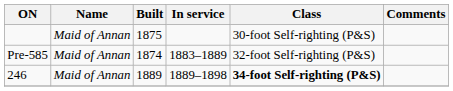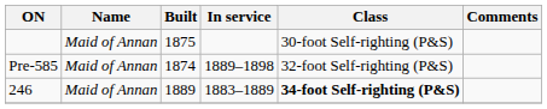 <table class="wikitable">
 <tr>
 <th>ON</th>
 <th>Name</th>
 <th>Built</th>
 <th>In service</th>
 <th>Class</th>
 <th>Comments</th>
 </tr>
 <tr>
 <td></td>
 <td><em>Maid of Annan</em></td>
 <td>1875</td>
 <td></td>
 <td>30-foot Self-righting (P&S)</td>
 <td></td>
 </tr>
 <tr>
 <td>Pre-585</td>
 <td><em>Maid of Annan</em></td>
 <td>1874</td>
-<td>1883–1889</td>
+<td>1889–1898</td>
 <td>32-foot Self-righting (P&S)</td>
 <td></td>
 </tr>
 <tr>
 <td>246</td>
 <td><em>Maid of Annan</em></td>
 <td>1889</td>
-<td>1889–1898</td>
+<td>1883–1889</td>
 <td><strong>34-foot Self-righting (P&S)</strong></td>
 <td></td>
 </tr>
 <tr>
 </tr>
 </table>
